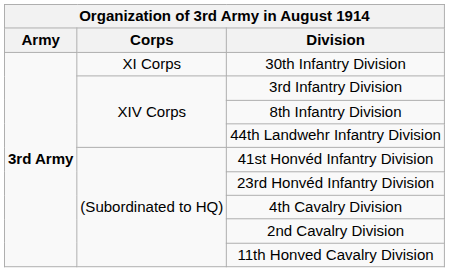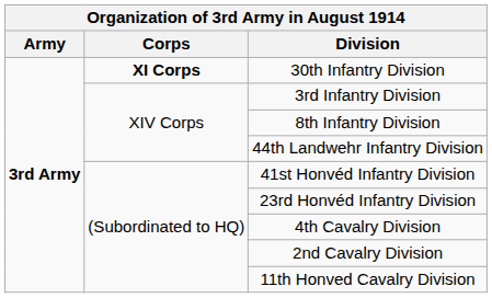 <table class="wikitable" style="text-align:center;">
 <tr>
 <th colspan="3">Organization of 3rd Army in August 1914</th>
 </tr>
 <tr>
 <th>Army</th>
 <th>Corps</th>
 <th>Division</th>
 </tr>
 <tr>
 <td ROWSPAN=9><strong>3rd Army</strong></td>
-<td ROWSPAN=1>XI Corps</td>
+<td ROWSPAN=1><strong>XI Corps</strong></td>
 <td>30th Infantry Division</td>
 </tr>
 <tr>
 <td ROWSPAN=3>XIV Corps</td>
 <td>3rd Infantry Division</td>
 </tr>
 <tr>
 <td>8th Infantry Division</td>
 </tr>
 <tr>
 <td>44th Landwehr Infantry Division</td>
 </tr>
 <tr>
 <td ROWSPAN=5>(Subordinated to HQ)</td>
 <td>41st Honvéd Infantry Division</td>
 </tr>
 <tr>
 <td>23rd Honvéd Infantry Division</td>
 </tr>
 <tr>
 <td>4th Cavalry Division</td>
 </tr>
 <tr>
 <td>2nd Cavalry Division</td>
 </tr>
 <tr>
 <td>11th Honved Cavalry Division</td>
 </tr>
 </table>
